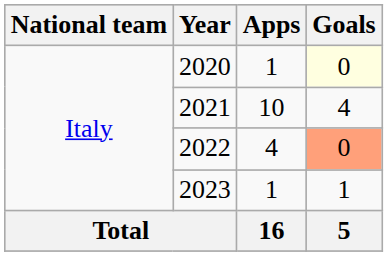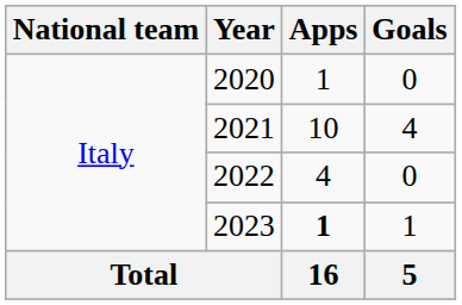 <table class="wikitable" style="text-align:center">
 <tr>
 <th>National team</th>
 <th>Year</th>
 <th>Apps</th>
 <th>Goals</th>
 </tr>
 <tr>
 <td rowspan="4"><a href='#'>Italy</a></td>
 <td>2020</td>
 <td>1</td>
-<td style="background: lightyellow;">0</td>
+<td>0</td>
 </tr>
 <tr>
 <td>2021</td>
 <td>10</td>
 <td>4</td>
 </tr>
 <tr>
 <td>2022</td>
 <td>4</td>
-<td style="background: lightsalmon;">0</td>
+<td>0</td>
 </tr>
 <tr>
 <td>2023</td>
-<td>1</td>
+<td><strong>1</strong></td>
 <td>1</td>
 </tr>
 <tr>
 <th colspan="2">Total</th>
 <th>16</th>
 <th>5</th>
 </tr>
 </table>
